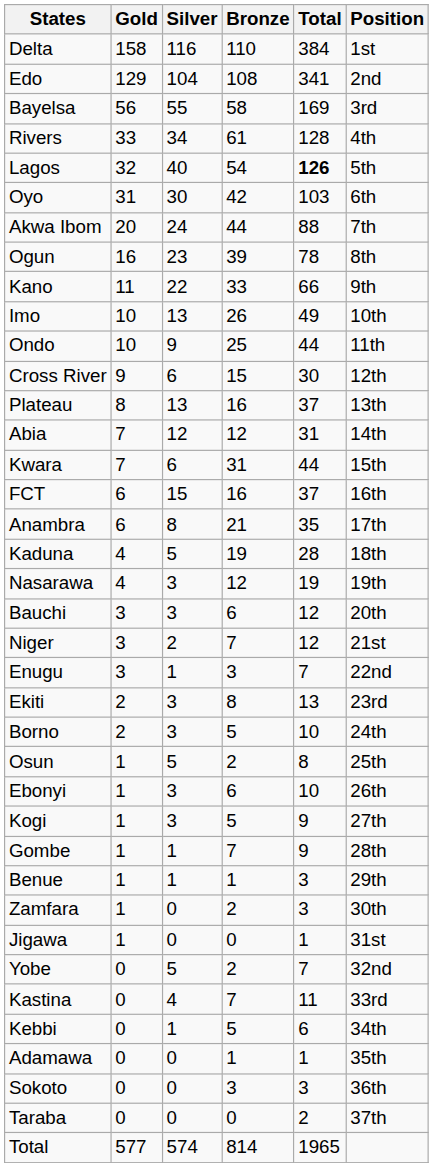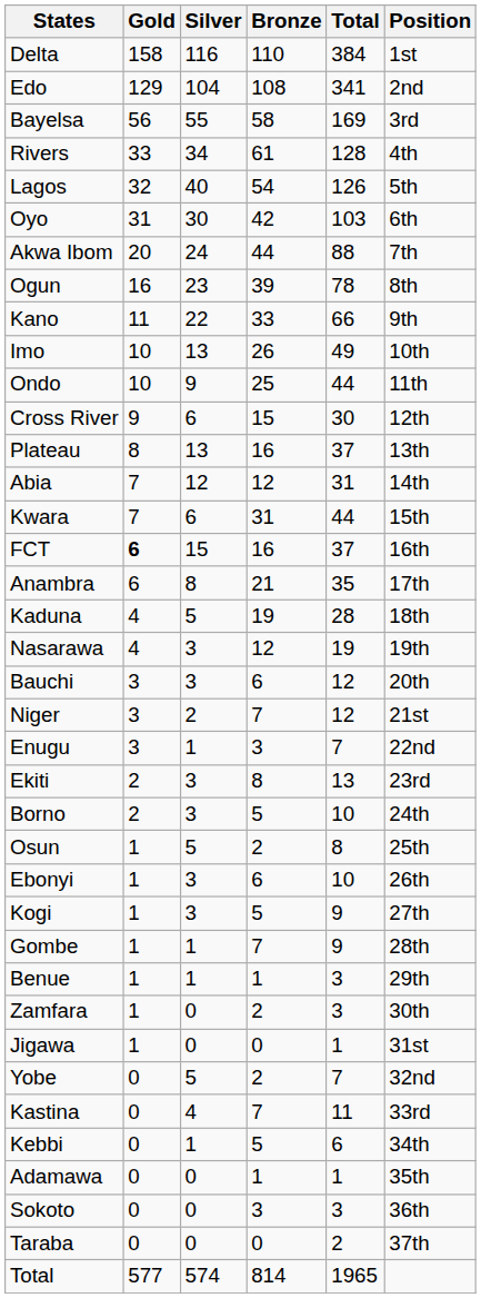 <table class="wikitable">
 <tr>
 <th>States</th>
 <th>Gold</th>
 <th>Silver</th>
 <th>Bronze</th>
 <th>Total</th>
 <th>Position</th>
 </tr>
 <tr>
 <td>Delta</td>
 <td>158</td>
 <td>116</td>
 <td>110</td>
 <td>384</td>
 <td>1st</td>
 </tr>
 <tr>
 <td>Edo</td>
 <td>129</td>
 <td>104</td>
 <td>108</td>
 <td>341</td>
 <td>2nd</td>
 </tr>
 <tr>
 <td>Bayelsa</td>
 <td>56</td>
 <td>55</td>
 <td>58</td>
 <td>169</td>
 <td>3rd</td>
 </tr>
 <tr>
 <td>Rivers</td>
 <td>33</td>
 <td>34</td>
 <td>61</td>
 <td>128</td>
 <td>4th</td>
 </tr>
 <tr>
 <td>Lagos</td>
 <td>32</td>
 <td>40</td>
 <td>54</td>
-<td><strong>126</strong></td>
+<td>126</td>
 <td>5th</td>
 </tr>
 <tr>
 <td>Oyo</td>
 <td>31</td>
 <td>30</td>
 <td>42</td>
 <td>103</td>
 <td>6th</td>
 </tr>
 <tr>
 <td>Akwa Ibom</td>
 <td>20</td>
 <td>24</td>
 <td>44</td>
 <td>88</td>
 <td>7th</td>
 </tr>
 <tr>
 <td>Ogun</td>
 <td>16</td>
 <td>23</td>
 <td>39</td>
 <td>78</td>
 <td>8th</td>
 </tr>
 <tr>
 <td>Kano</td>
 <td>11</td>
 <td>22</td>
 <td>33</td>
 <td>66</td>
 <td>9th</td>
 </tr>
 <tr>
 <td>Imo</td>
 <td>10</td>
 <td>13</td>
 <td>26</td>
 <td>49</td>
 <td>10th</td>
 </tr>
 <tr>
 <td>Ondo</td>
 <td>10</td>
 <td>9</td>
 <td>25</td>
 <td>44</td>
 <td>11th</td>
 </tr>
 <tr>
 <td>Cross River</td>
 <td>9</td>
 <td>6</td>
 <td>15</td>
 <td>30</td>
 <td>12th</td>
 </tr>
 <tr>
 <td>Plateau</td>
 <td>8</td>
 <td>13</td>
 <td>16</td>
 <td>37</td>
 <td>13th</td>
 </tr>
 <tr>
 <td>Abia</td>
 <td>7</td>
 <td>12</td>
 <td>12</td>
 <td>31</td>
 <td>14th</td>
 </tr>
 <tr>
 <td>Kwara</td>
 <td>7</td>
 <td>6</td>
 <td>31</td>
 <td>44</td>
 <td>15th</td>
 </tr>
 <tr>
 <td>FCT</td>
-<td>6</td>
+<td><strong>6</strong></td>
 <td>15</td>
 <td>16</td>
 <td>37</td>
 <td>16th</td>
 </tr>
 <tr>
 <td>Anambra</td>
 <td>6</td>
 <td>8</td>
 <td>21</td>
 <td>35</td>
 <td>17th</td>
 </tr>
 <tr>
 <td>Kaduna</td>
 <td>4</td>
 <td>5</td>
 <td>19</td>
 <td>28</td>
 <td>18th</td>
 </tr>
 <tr>
 <td>Nasarawa</td>
 <td>4</td>
 <td>3</td>
 <td>12</td>
 <td>19</td>
 <td>19th</td>
 </tr>
 <tr>
 <td>Bauchi</td>
 <td>3</td>
 <td>3</td>
 <td>6</td>
 <td>12</td>
 <td>20th</td>
 </tr>
 <tr>
 <td>Niger</td>
 <td>3</td>
 <td>2</td>
 <td>7</td>
 <td>12</td>
 <td>21st</td>
 </tr>
 <tr>
 <td>Enugu</td>
 <td>3</td>
 <td>1</td>
 <td>3</td>
 <td>7</td>
 <td>22nd</td>
 </tr>
 <tr>
 <td>Ekiti</td>
 <td>2</td>
 <td>3</td>
 <td>8</td>
 <td>13</td>
 <td>23rd</td>
 </tr>
 <tr>
 <td>Borno</td>
 <td>2</td>
 <td>3</td>
 <td>5</td>
 <td>10</td>
 <td>24th</td>
 </tr>
 <tr>
 <td>Osun</td>
 <td>1</td>
 <td>5</td>
 <td>2</td>
 <td>8</td>
 <td>25th</td>
 </tr>
 <tr>
 <td>Ebonyi</td>
 <td>1</td>
 <td>3</td>
 <td>6</td>
 <td>10</td>
 <td>26th</td>
 </tr>
 <tr>
 <td>Kogi</td>
 <td>1</td>
 <td>3</td>
 <td>5</td>
 <td>9</td>
 <td>27th</td>
 </tr>
 <tr>
 <td>Gombe</td>
 <td>1</td>
 <td>1</td>
 <td>7</td>
 <td>9</td>
 <td>28th</td>
 </tr>
 <tr>
 <td>Benue</td>
 <td>1</td>
 <td>1</td>
 <td>1</td>
 <td>3</td>
 <td>29th</td>
 </tr>
 <tr>
 <td>Zamfara</td>
 <td>1</td>
 <td>0</td>
 <td>2</td>
 <td>3</td>
 <td>30th</td>
 </tr>
 <tr>
 <td>Jigawa</td>
 <td>1</td>
 <td>0</td>
 <td>0</td>
 <td>1</td>
 <td>31st</td>
 </tr>
 <tr>
 <td>Yobe</td>
 <td>0</td>
 <td>5</td>
 <td>2</td>
 <td>7</td>
 <td>32nd</td>
 </tr>
 <tr>
 <td>Kastina</td>
 <td>0</td>
 <td>4</td>
 <td>7</td>
 <td>11</td>
 <td>33rd</td>
 </tr>
 <tr>
 <td>Kebbi</td>
 <td>0</td>
 <td>1</td>
 <td>5</td>
 <td>6</td>
 <td>34th</td>
 </tr>
 <tr>
 <td>Adamawa</td>
 <td>0</td>
 <td>0</td>
 <td>1</td>
 <td>1</td>
 <td>35th</td>
 </tr>
 <tr>
 <td>Sokoto</td>
 <td>0</td>
 <td>0</td>
 <td>3</td>
 <td>3</td>
 <td>36th</td>
 </tr>
 <tr>
 <td>Taraba</td>
 <td>0</td>
 <td>0</td>
 <td>0</td>
 <td>2</td>
 <td>37th</td>
 </tr>
 <tr>
 <td>Total</td>
 <td>577</td>
 <td>574</td>
 <td>814</td>
 <td>1965</td>
 <td></td>
 </tr>
 <tr>
 </tr>
 </table>
